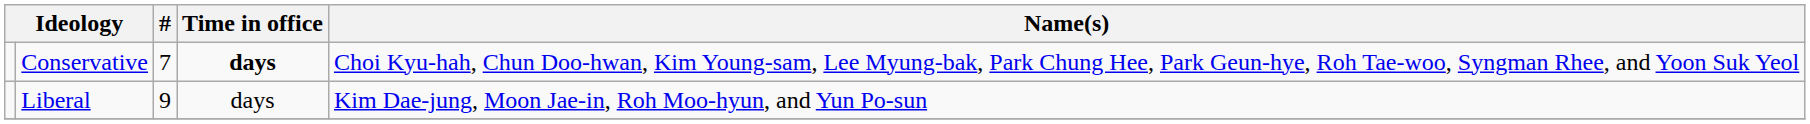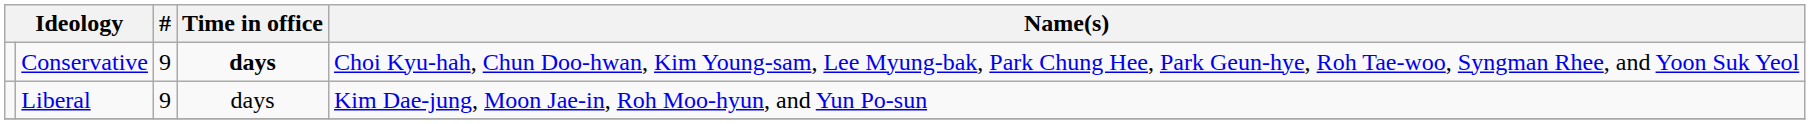 <table class=wikitable>
 <tr>
 <th colspan=2>Ideology</th>
 <th><abbr>#</abbr></th>
 <th>Time in office</th>
 <th>Name(s)</th>
 </tr>
 <tr>
 <td style="background:"></td>
 <td><a href='#'>Conservative</a></td>
-<td style="text-align: center;">7</td>
+<td style="text-align: center;">9</td>
 <td style="text-align: center;"><strong> days</strong></td>
 <td><a href='#'>Choi Kyu-hah</a>, <a href='#'>Chun Doo-hwan</a>, <a href='#'>Kim Young-sam</a>, <a href='#'>Lee Myung-bak</a>, <a href='#'>Park Chung Hee</a>, <a href='#'>Park Geun-hye</a>, <a href='#'>Roh Tae-woo</a>, <a href='#'>Syngman Rhee</a>, and <a href='#'>Yoon Suk Yeol</a></td>
 </tr>
 <tr>
 <td style="background: "></td>
 <td><a href='#'>Liberal</a></td>
 <td style="text-align: center;">9</td>
 <td style="text-align: center;"> days</td>
 <td><a href='#'>Kim Dae-jung</a>, <a href='#'>Moon Jae-in</a>, <a href='#'>Roh Moo-hyun</a>, and <a href='#'>Yun Po-sun</a></td>
 </tr>
 <tr>
 </tr>
 </table>
